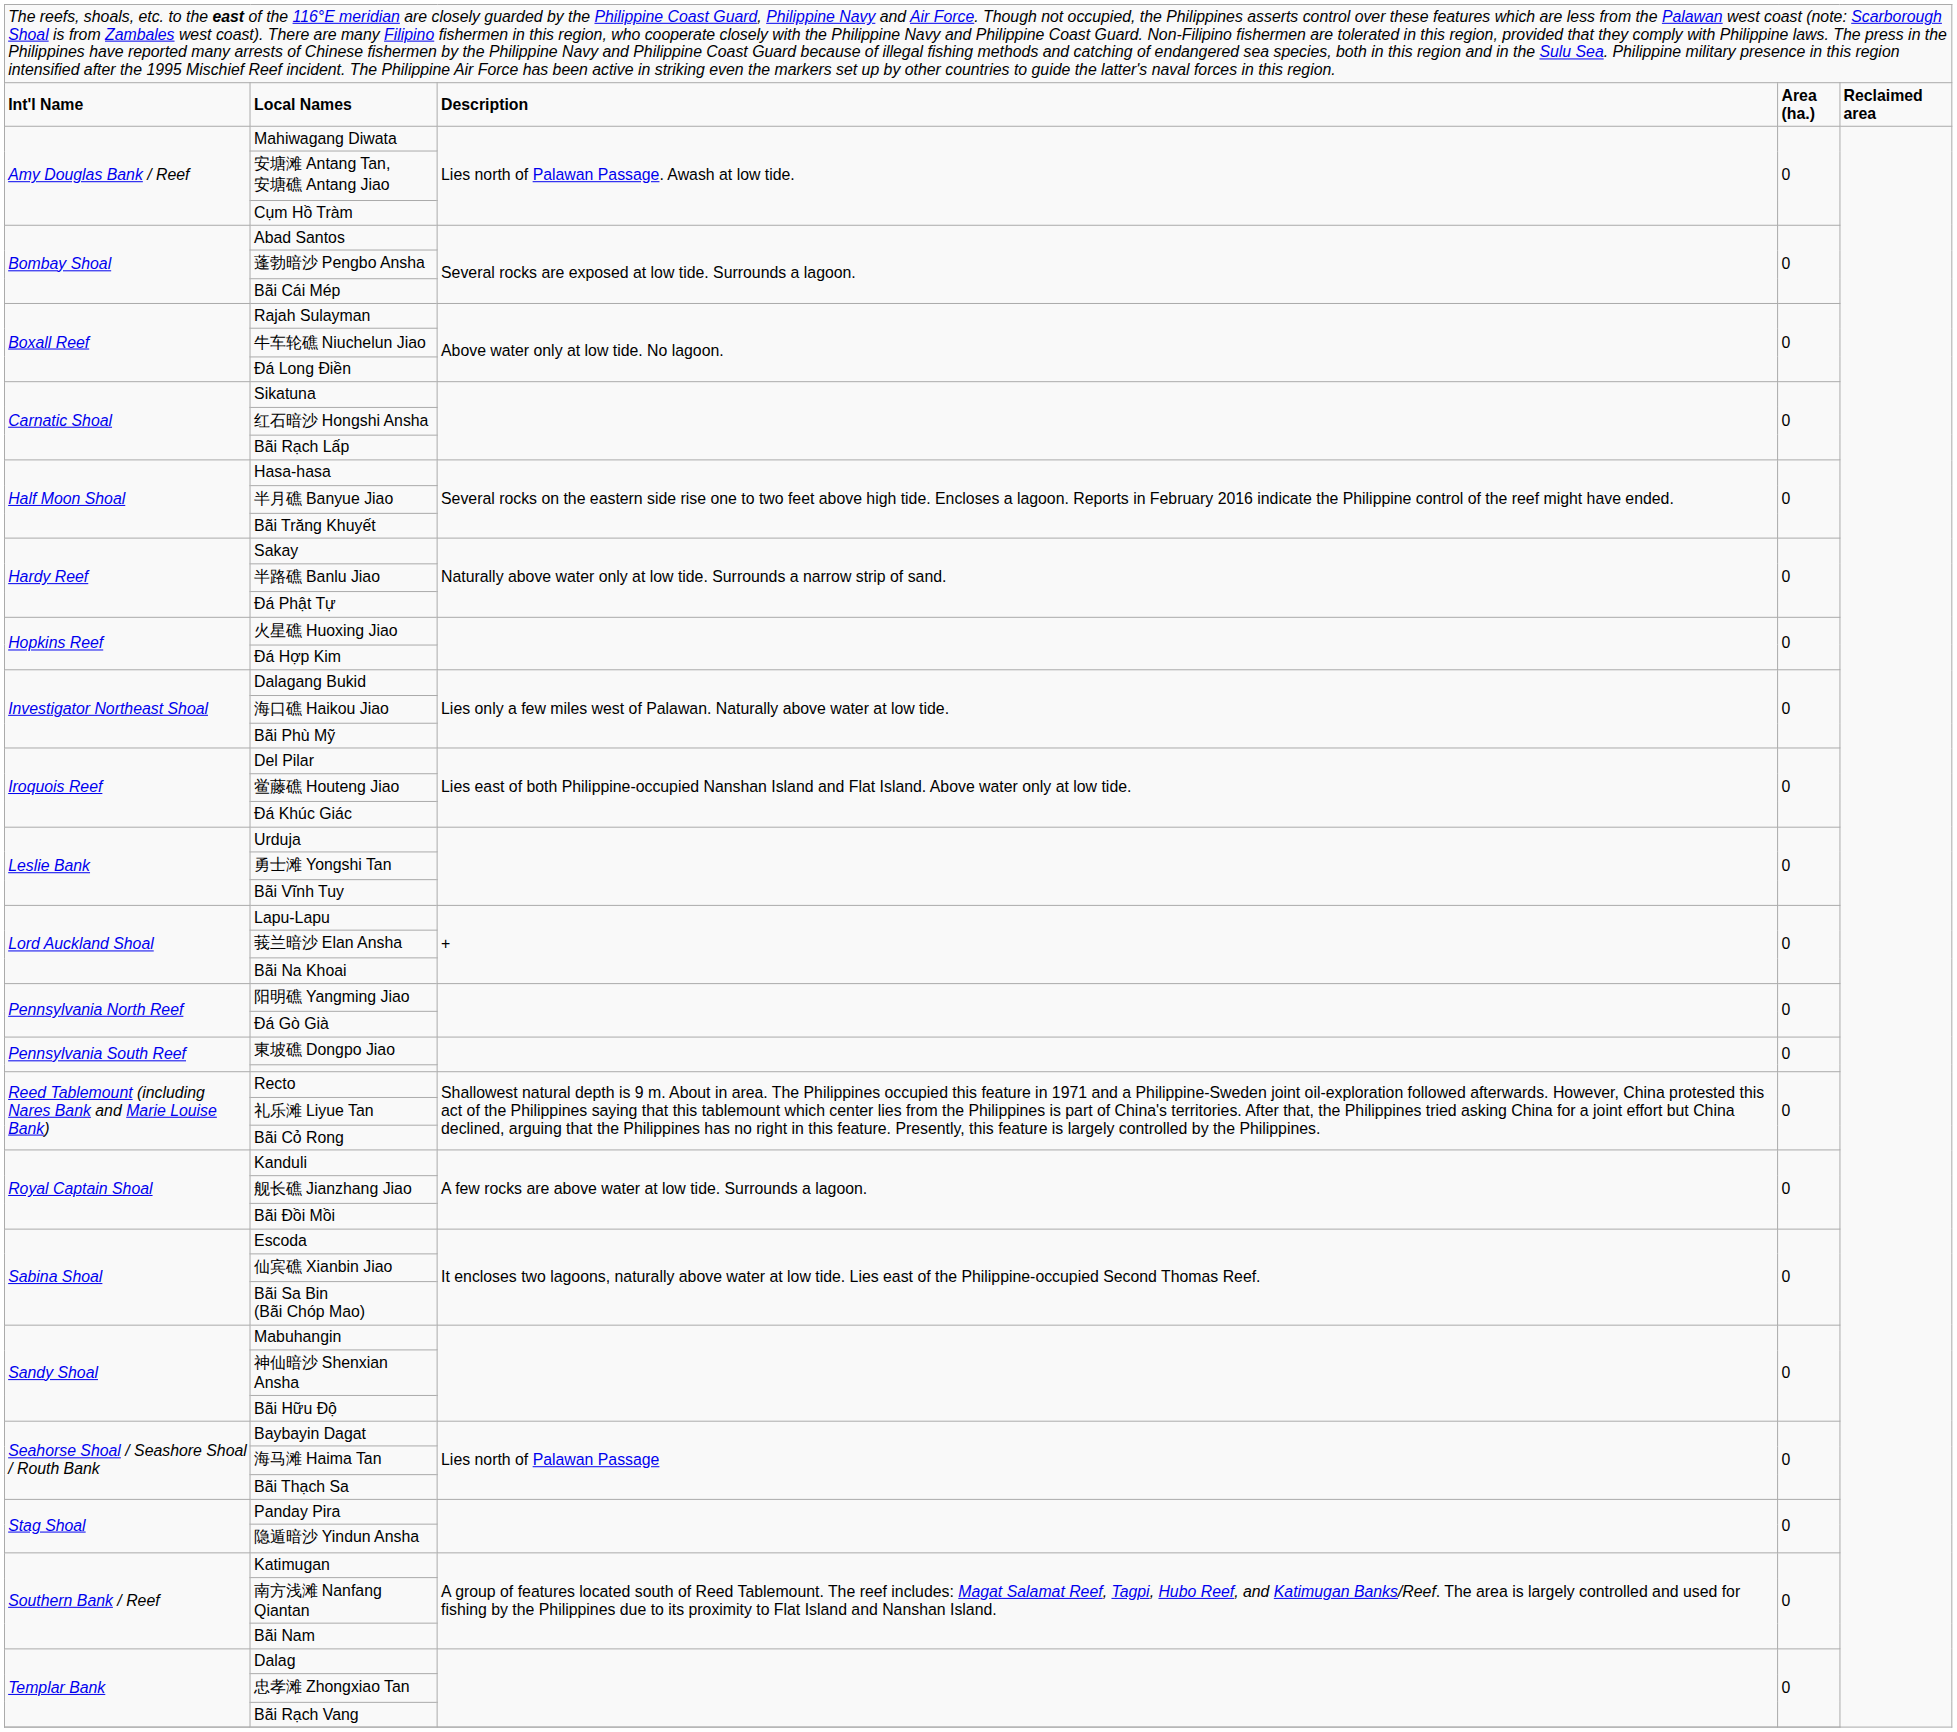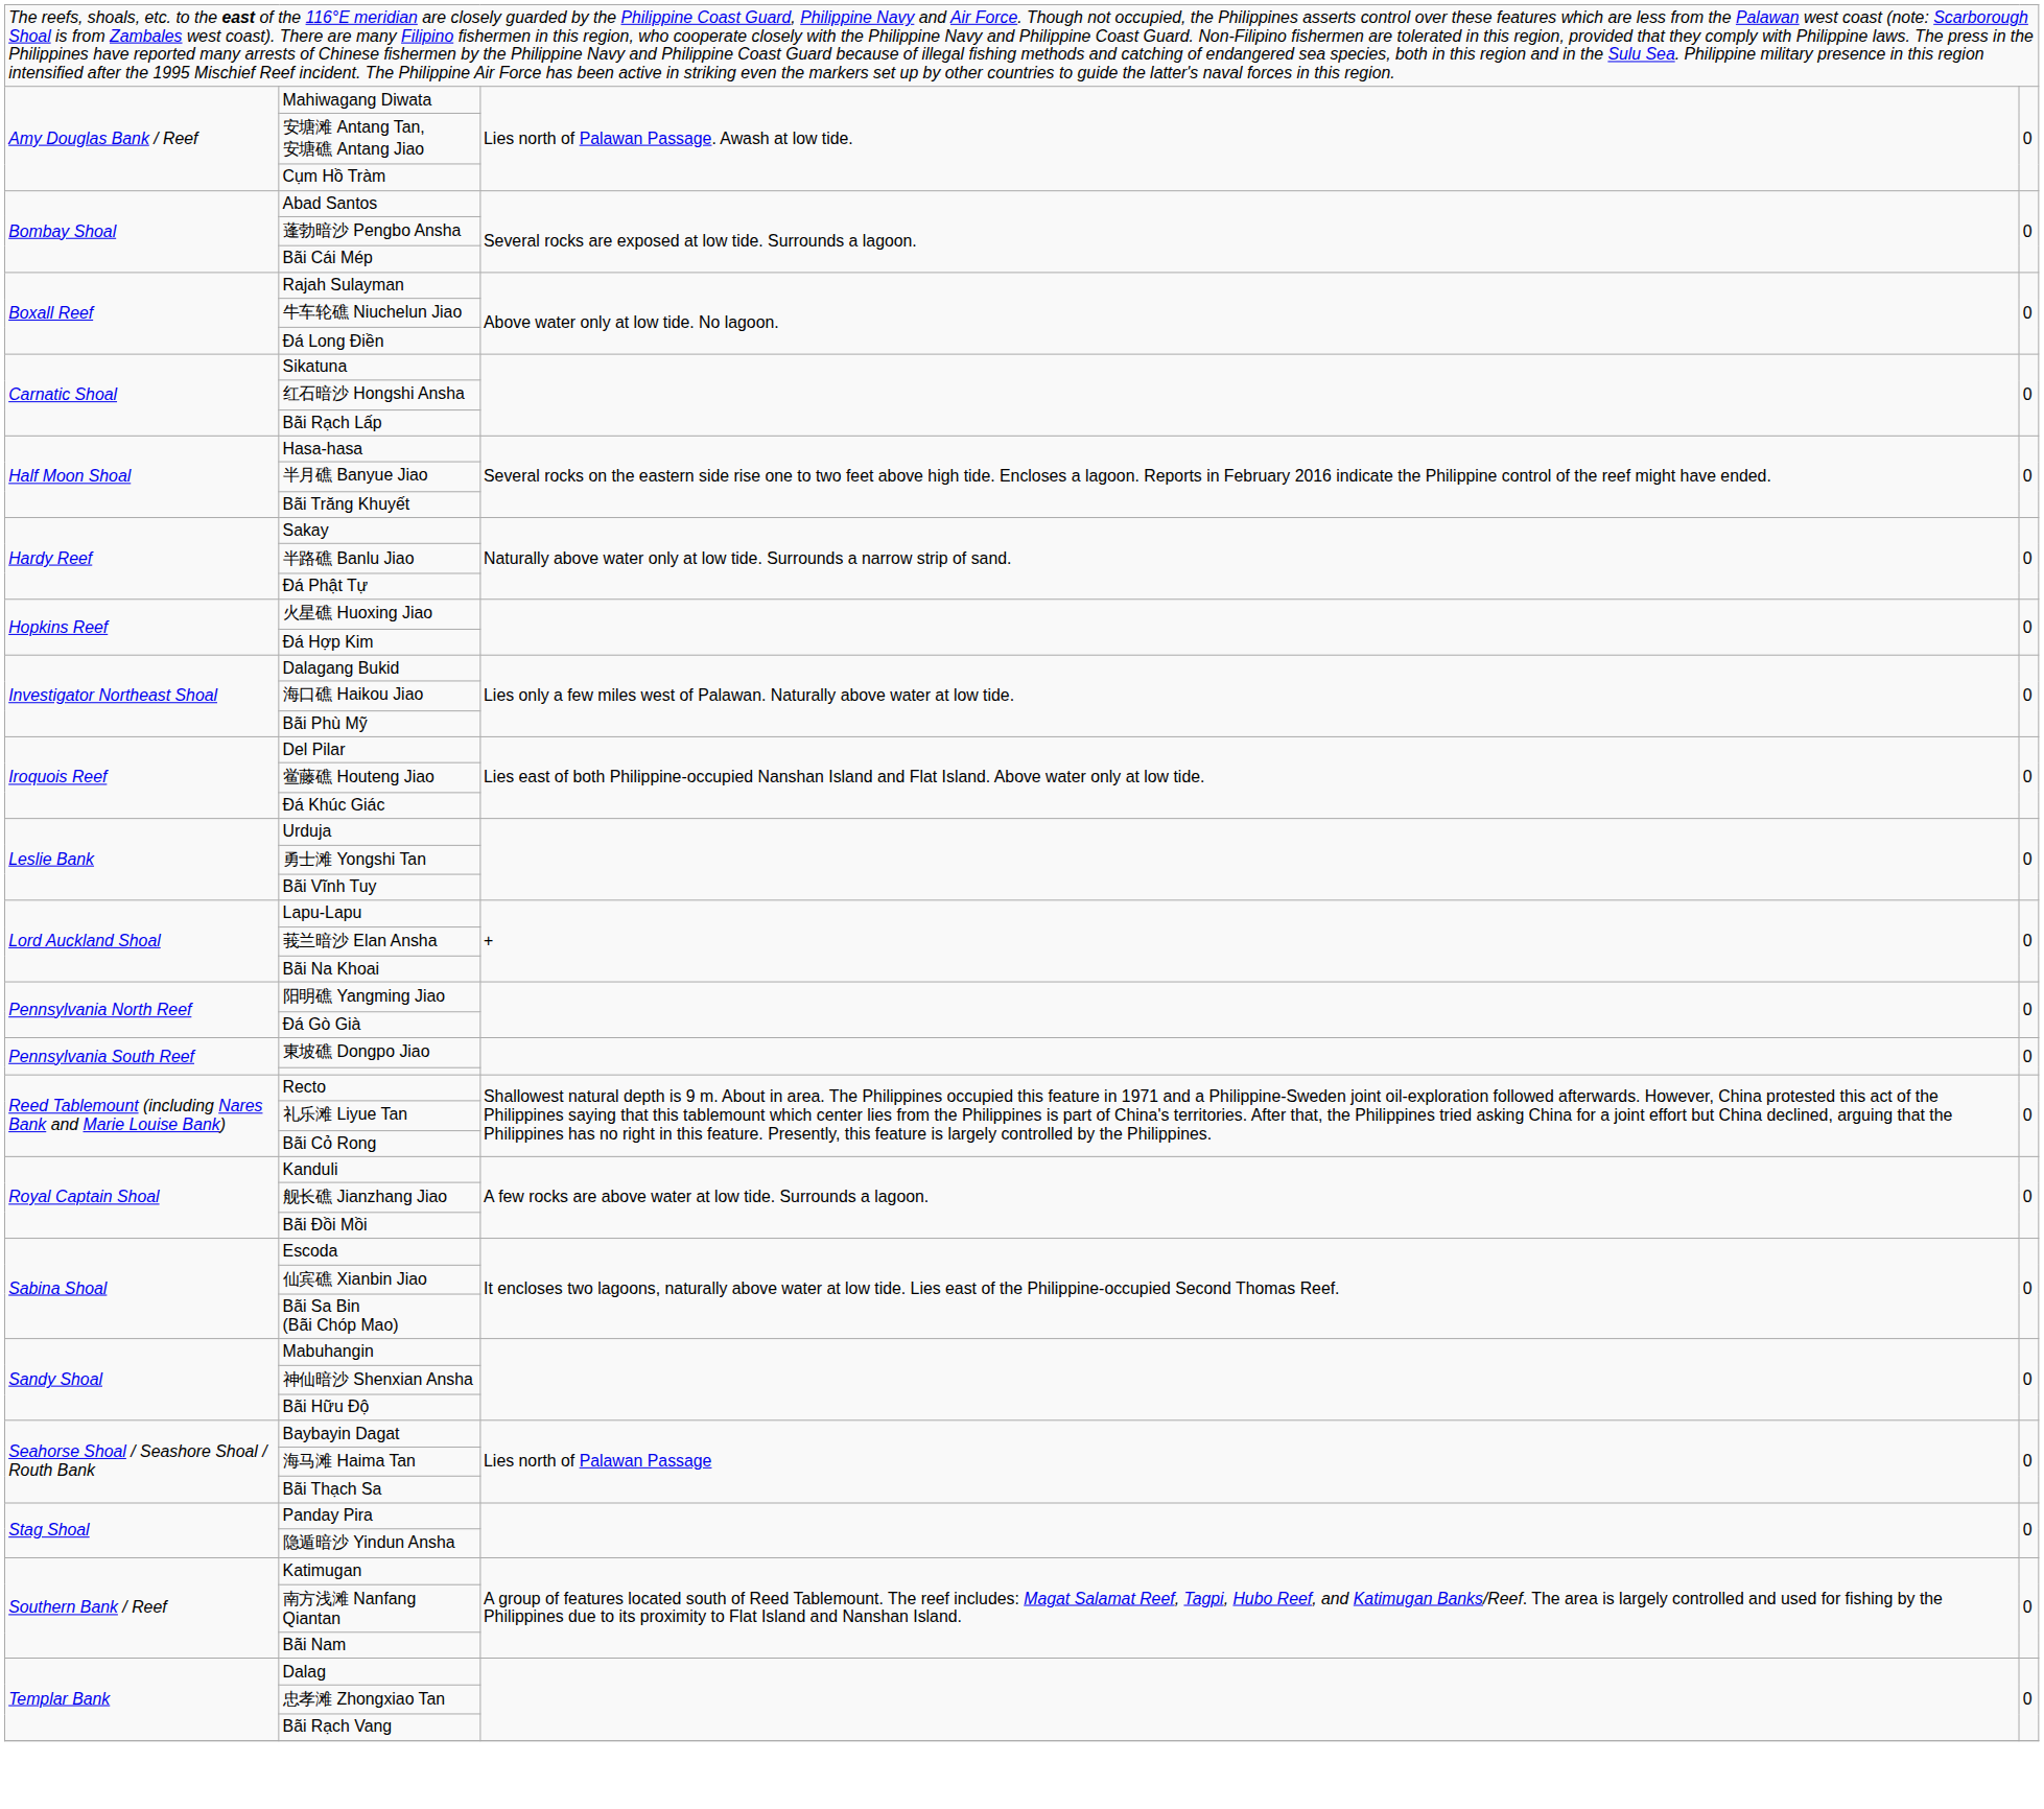 <table class="wikitable">
 <tr>
 <td colspan="5"><em>The reefs, shoals, etc. to the <strong>east</strong> of the <a href='#'>116°E meridian</a> are closely guarded by the <a href='#'>Philippine Coast Guard</a>, <a href='#'>Philippine Navy</a> and <a href='#'>Air Force</a>. Though not occupied, the Philippines asserts control over these features which are less  from the <a href='#'>Palawan</a> west coast (note: <a href='#'>Scarborough Shoal</a> is  from <a href='#'>Zambales</a> west coast). There are many <a href='#'>Filipino</a> fishermen in this region, who cooperate closely with the Philippine Navy and Philippine Coast Guard. Non-Filipino fishermen are tolerated in this region, provided that they comply with Philippine laws. The press in the Philippines have reported many arrests of Chinese fishermen by the Philippine Navy and Philippine Coast Guard because of illegal fishing methods and catching of endangered sea species, both in this region and in the <a href='#'>Sulu Sea</a>. Philippine military presence in this region intensified after the 1995 Mischief Reef incident. The Philippine Air Force has been active in striking even the markers set up by other countries to guide the latter's naval forces in this region.</em></td>
-</tr>
-<tr>
-<td><strong>Int'l Name</strong></td>
-<td><strong>Local Names</strong></td>
-<td><strong>Description</strong></td>
-<td><strong>Area (ha.)</strong></td>
-<td><strong>Reclaimed area</strong></td>
 </tr>
 <tr>
 <td rowspan="3"><em><a href='#'>Amy Douglas Bank</a> / Reef</em></td>
 <td nowrap> Mahiwagang Diwata</td>
 <td rowspan="3">Lies north of <a href='#'>Palawan Passage</a>. Awash at low tide.</td>
 <td rowspan="3">0</td>
 </tr>
 <tr>
 <td> 安塘滩 Antang Tan,<br>安塘礁 Antang Jiao</td>
 </tr>
 <tr>
 <td> Cụm Hồ Tràm</td>
 </tr>
 <tr>
 <td rowspan="3"><em><a href='#'>Bombay Shoal</a></em></td>
 <td> Abad Santos</td>
 <td rowspan="3"><br>Several rocks are exposed at low tide. Surrounds a lagoon.</td>
 <td rowspan="3">0</td>
 </tr>
 <tr>
 <td> 蓬勃暗沙 Pengbo Ansha</td>
 </tr>
 <tr>
 <td> Bãi Cái Mép</td>
 </tr>
 <tr>
 <td rowspan="3"><em><a href='#'>Boxall Reef</a></em></td>
 <td> Rajah Sulayman</td>
 <td rowspan="3"><br>Above water only at low tide. No lagoon.</td>
 <td rowspan="3">0</td>
 </tr>
 <tr>
 <td> 牛车轮礁 Niuchelun Jiao</td>
 </tr>
 <tr>
 <td> Đá Long Điền</td>
 </tr>
 <tr>
 <td rowspan="3"><em><a href='#'>Carnatic Shoal</a></em></td>
 <td> Sikatuna</td>
 <td rowspan="3"></td>
 <td rowspan="3">0</td>
 </tr>
 <tr>
 <td> 红石暗沙 Hongshi Ansha</td>
 </tr>
 <tr>
 <td> Bãi Rạch Lấp</td>
 </tr>
 <tr>
 <td rowspan="3"><em><a href='#'>Half Moon Shoal</a></em></td>
 <td> Hasa-hasa</td>
 <td rowspan="3">Several rocks on the eastern side rise one to two feet above high tide. Encloses a lagoon. Reports in February 2016 indicate the Philippine control of the reef might have ended.</td>
 <td rowspan="3">0</td>
 </tr>
 <tr>
 <td> 半月礁 Banyue Jiao</td>
 </tr>
 <tr>
 <td> Bãi Trăng Khuyết</td>
 </tr>
 <tr>
 <td rowspan="3"><em><a href='#'>Hardy Reef</a></em></td>
 <td> Sakay</td>
 <td rowspan="3">Naturally above water only at low tide. Surrounds a narrow strip of sand.</td>
 <td rowspan="3">0</td>
 </tr>
 <tr>
 <td> 半路礁 Banlu Jiao</td>
 </tr>
 <tr>
 <td> Đá Phật Tự</td>
 </tr>
 <tr>
 <td rowspan="2"><em><a href='#'>Hopkins Reef</a></em></td>
 <td> 火星礁 Huoxing Jiao</td>
 <td rowspan="2"></td>
 <td rowspan="2">0</td>
 </tr>
 <tr>
 <td> Đá Hợp Kim</td>
 </tr>
 <tr>
 <td rowspan="3"><em><a href='#'>Investigator Northeast Shoal</a></em></td>
 <td> Dalagang Bukid</td>
 <td rowspan="3">Lies only a few miles west of Palawan. Naturally above water at low tide.</td>
 <td rowspan="3">0</td>
 </tr>
 <tr>
 <td> 海口礁 Haikou Jiao</td>
 </tr>
 <tr>
 <td> Bãi Phù Mỹ</td>
 </tr>
 <tr>
 <td rowspan="3"><em><a href='#'>Iroquois Reef</a></em></td>
 <td> Del Pilar</td>
 <td rowspan="3">Lies east of both Philippine-occupied Nanshan Island and Flat Island. Above water only at low tide.</td>
 <td rowspan="3">0</td>
 </tr>
 <tr>
 <td> 鲎藤礁 Houteng Jiao</td>
 </tr>
 <tr>
 <td> Đá Khúc Giác</td>
 </tr>
 <tr>
 <td rowspan="3"><em><a href='#'>Leslie Bank</a></em></td>
 <td> Urduja</td>
 <td rowspan="3"></td>
 <td rowspan="3">0</td>
 </tr>
 <tr>
 <td> 勇士滩 Yongshi Tan</td>
 </tr>
 <tr>
 <td> Bãi Vĩnh Tuy</td>
 </tr>
 <tr>
 <td rowspan="3"><em><a href='#'>Lord Auckland Shoal</a></em></td>
 <td> Lapu-Lapu</td>
 <td rowspan="3">+</td>
 <td rowspan="3">0</td>
 </tr>
 <tr>
 <td> 莪兰暗沙 Elan Ansha</td>
 </tr>
 <tr>
 <td> Bãi Na Khoai</td>
 </tr>
 <tr>
 <td rowspan="2"><em><a href='#'>Pennsylvania North Reef</a></em></td>
 <td> 阳明礁 Yangming Jiao</td>
 <td rowspan="2"></td>
 <td rowspan="2">0</td>
 </tr>
 <tr>
 <td> Đá Gò Già</td>
 </tr>
 <tr>
 <td rowspan="2"><em><a href='#'>Pennsylvania South Reef</a></em></td>
 <td> 東坡礁 Dongpo Jiao</td>
 <td rowspan="2"></td>
 <td rowspan="2">0</td>
 </tr>
 <tr>
 <td></td>
 </tr>
 <tr>
 <td rowspan="3"><em><a href='#'>Reed Tablemount</a> (including <a href='#'>Nares Bank</a> and <a href='#'>Marie Louise Bank</a>)</em></td>
 <td> Recto</td>
 <td rowspan="3">Shallowest natural depth is 9 m. About  in area. The Philippines occupied this feature in 1971 and a Philippine-Sweden joint oil-exploration followed afterwards. However, China protested this act of the Philippines saying that this tablemount which center lies  from the Philippines is part of China's territories. After that, the Philippines tried asking China for a joint effort but China declined, arguing that the Philippines has no right in this feature. Presently, this feature is largely controlled by the Philippines.</td>
 <td rowspan="3">0</td>
 </tr>
 <tr>
 <td> 礼乐滩 Liyue Tan</td>
 </tr>
 <tr>
 <td> Bãi Cỏ Rong</td>
 </tr>
 <tr>
 <td rowspan="3"><em><a href='#'>Royal Captain Shoal</a></em></td>
 <td> Kanduli</td>
 <td rowspan="3">A few rocks are above water at low tide. Surrounds a lagoon.</td>
 <td rowspan="3">0</td>
 </tr>
 <tr>
 <td> 舰长礁 Jianzhang Jiao</td>
 </tr>
 <tr>
 <td> Bãi Đồi Mồi</td>
 </tr>
 <tr>
 <td rowspan="3"><em><a href='#'>Sabina Shoal</a></em></td>
 <td> Escoda</td>
 <td rowspan="3">It encloses two lagoons, naturally above water at low tide. Lies east of the Philippine-occupied Second Thomas Reef.</td>
 <td rowspan="3">0</td>
 </tr>
 <tr>
 <td> 仙宾礁 Xianbin Jiao</td>
 </tr>
 <tr>
 <td> Bãi Sa Bin<br>(Bãi Chóp Mao)</td>
 </tr>
 <tr>
 <td rowspan="3"><em><a href='#'>Sandy Shoal</a></em></td>
 <td> Mabuhangin</td>
 <td rowspan="3"></td>
 <td rowspan="3">0</td>
 </tr>
 <tr>
 <td> 神仙暗沙 Shenxian Ansha</td>
 </tr>
 <tr>
 <td> Bãi Hữu Độ</td>
 </tr>
 <tr>
 <td rowspan="3"><em><a href='#'>Seahorse Shoal</a> / Seashore Shoal / Routh Bank</em></td>
 <td> Baybayin Dagat</td>
 <td rowspan="3">Lies north of <a href='#'>Palawan Passage</a></td>
 <td rowspan="3">0</td>
 </tr>
 <tr>
 <td> 海马滩 Haima Tan</td>
 </tr>
 <tr>
 <td> Bãi Thạch Sa</td>
 </tr>
 <tr>
 <td rowspan="2"><em><a href='#'>Stag Shoal</a></em></td>
 <td> Panday Pira</td>
 <td rowspan="2"></td>
 <td rowspan="2">0</td>
 </tr>
 <tr>
 <td> 隐遁暗沙 Yindun Ansha</td>
 </tr>
 <tr>
 <td rowspan="3"><em><a href='#'>Southern Bank</a> / Reef</em></td>
 <td> Katimugan</td>
 <td rowspan="3">A group of features located south of Reed Tablemount. The reef includes: <em><a href='#'>Magat Salamat Reef</a>, <a href='#'>Tagpi</a>, <a href='#'>Hubo Reef</a>, and <a href='#'>Katimugan Banks</a>/Reef</em>. The area is largely controlled and used for fishing by the Philippines due to its proximity to Flat Island and Nanshan Island.</td>
 <td rowspan="3">0</td>
 </tr>
 <tr>
 <td> 南方浅滩 Nanfang Qiantan</td>
 </tr>
 <tr>
 <td> Bãi Nam</td>
 </tr>
 <tr>
 <td rowspan="3"><em><a href='#'>Templar Bank</a></em></td>
 <td> Dalag</td>
 <td rowspan="3"></td>
 <td rowspan="3">0</td>
 </tr>
 <tr>
 <td> 忠孝滩 Zhongxiao Tan</td>
 </tr>
 <tr>
 <td> Bãi Rạch Vang</td>
 </tr>
 <tr>
 </tr>
 </table>
